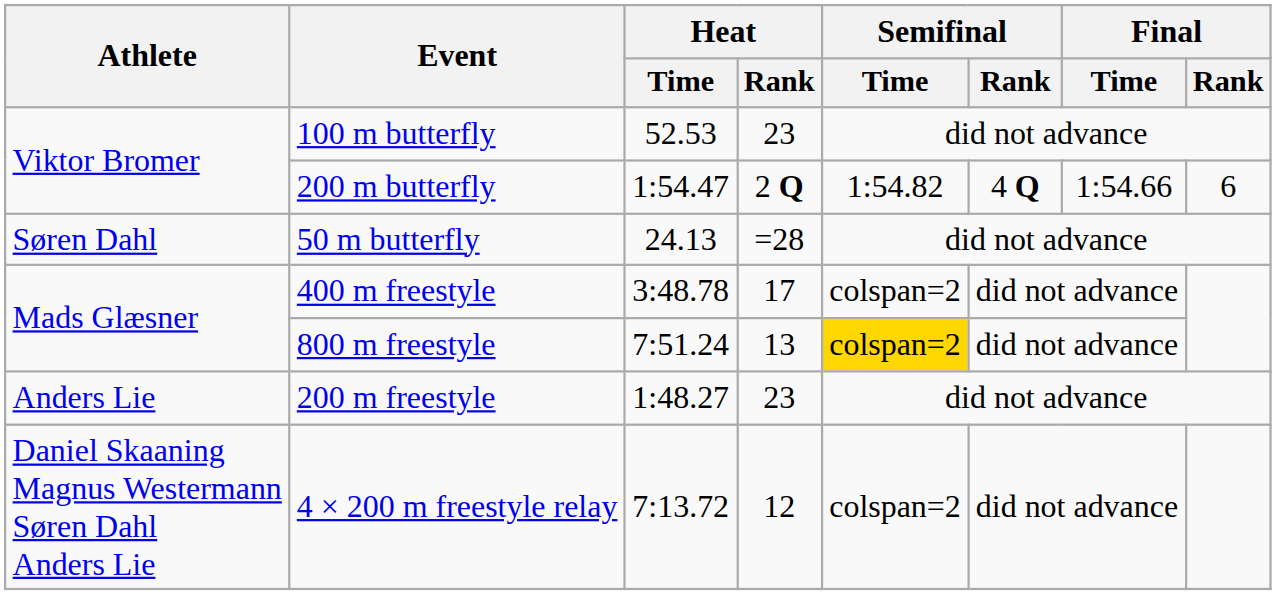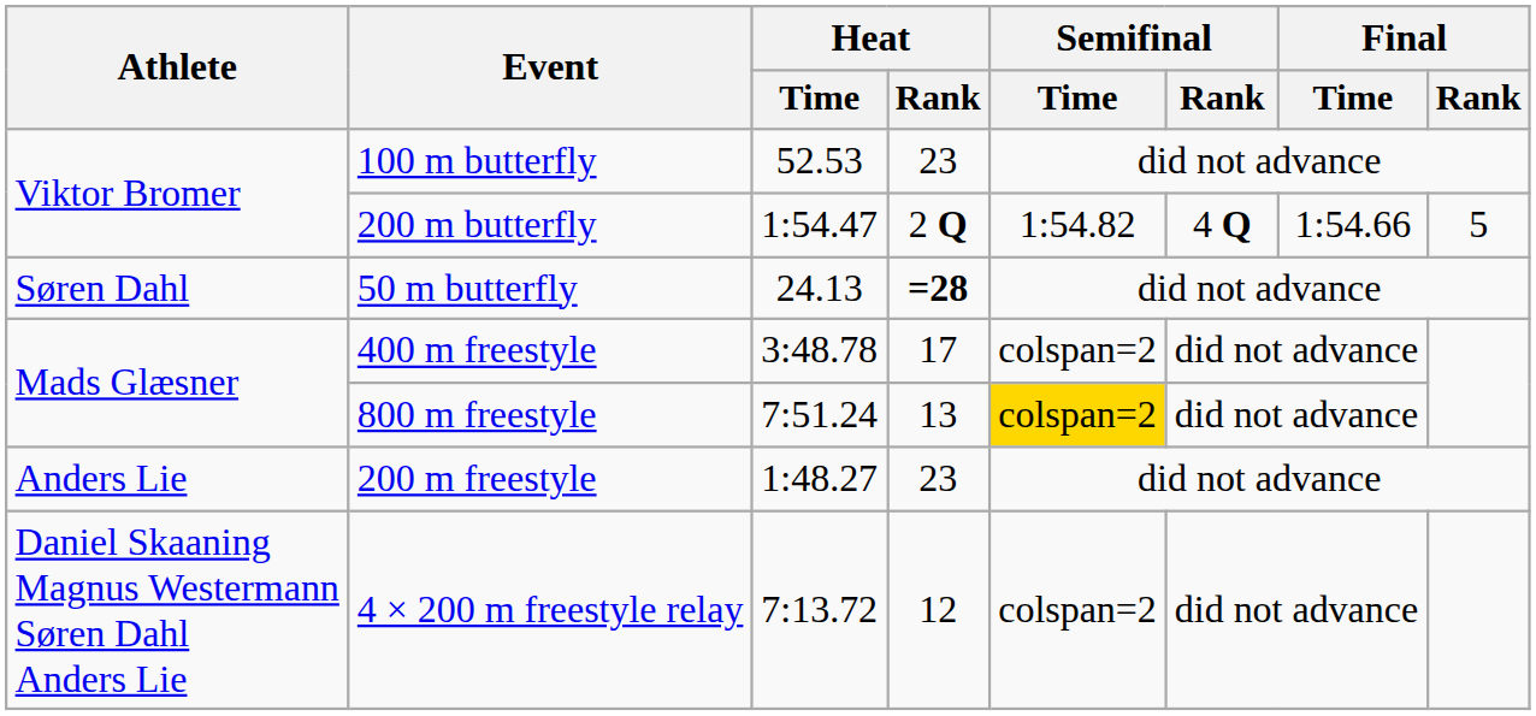 <table class=wikitable style="font-size:90%">
 <tr>
 <th rowspan=2>Athlete</th>
 <th rowspan=2>Event</th>
 <th colspan="2">Heat</th>
 <th colspan="2">Semifinal</th>
 <th colspan="2">Final</th>
 </tr>
 <tr style="font-size:95%">
 <th>Time</th>
 <th>Rank</th>
 <th>Time</th>
 <th>Rank</th>
 <th>Time</th>
 <th>Rank</th>
 </tr>
 <tr align=center>
 <td align=left rowspan=2><a href='#'>Viktor Bromer</a></td>
 <td align=left><a href='#'>100 m butterfly</a></td>
 <td>52.53</td>
 <td>23</td>
 <td colspan=4>did not advance</td>
 </tr>
 <tr align=center>
 <td align=left><a href='#'>200 m butterfly</a></td>
 <td>1:54.47</td>
 <td>2 <strong>Q</strong></td>
 <td>1:54.82</td>
 <td>4 <strong>Q</strong></td>
 <td>1:54.66</td>
-<td>6</td>
+<td>5</td>
 </tr>
 <tr align=center>
 <td align=left><a href='#'>Søren Dahl</a></td>
 <td align=left><a href='#'>50 m butterfly</a></td>
 <td>24.13</td>
-<td>=28</td>
+<td><strong>=28</strong></td>
 <td colspan=4>did not advance</td>
 </tr>
 <tr align=center>
 <td align=left rowspan=2><a href='#'>Mads Glæsner</a></td>
 <td align=left><a href='#'>400 m freestyle</a></td>
 <td>3:48.78</td>
 <td>17</td>
 <td>colspan=2 </td>
 <td colspan=2>did not advance</td>
 </tr>
 <tr align=center>
 <td align=left><a href='#'>800 m freestyle</a></td>
 <td>7:51.24</td>
 <td>13</td>
 <td style="background: gold;">colspan=2 </td>
 <td colspan=2>did not advance</td>
 </tr>
 <tr align=center>
 <td align=left><a href='#'>Anders Lie</a></td>
 <td align=left><a href='#'>200 m freestyle</a></td>
 <td>1:48.27</td>
 <td>23</td>
 <td colspan=4>did not advance</td>
 </tr>
 <tr align=center>
 <td align=left><a href='#'>Daniel Skaaning</a><br><a href='#'>Magnus Westermann</a><br><a href='#'>Søren Dahl</a><br><a href='#'>Anders Lie</a></td>
 <td align=left><a href='#'>4 × 200 m freestyle relay</a></td>
 <td>7:13.72</td>
 <td>12</td>
 <td>colspan=2 </td>
 <td colspan=2>did not advance</td>
 </tr>
 </table>
